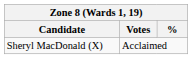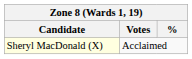 <table class="wikitable">
 <tr>
 <th colspan="3">Zone 8 (Wards 1, 19)</th>
 </tr>
 <tr>
 <th style="width: 170px">Candidate</th>
 <th style="width: 50px">Votes</th>
 <th style="width: 40px">%</th>
 </tr>
 <tr>
-<td>Sheryl MacDonald (X)</td>
+<td style="background: lightyellow;">Sheryl MacDonald (X)</td>
 <td colspan="2">Acclaimed</td>
 </tr>
 </table>
